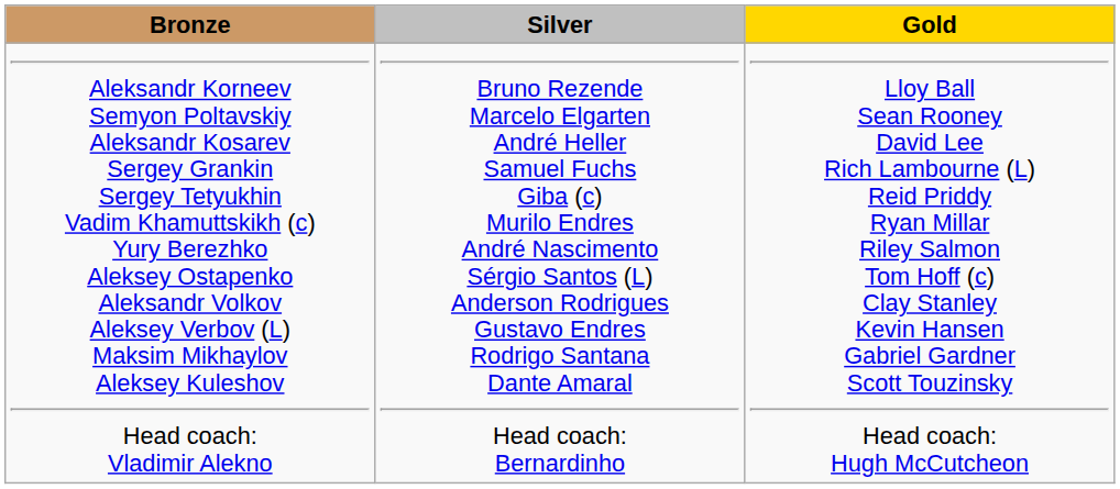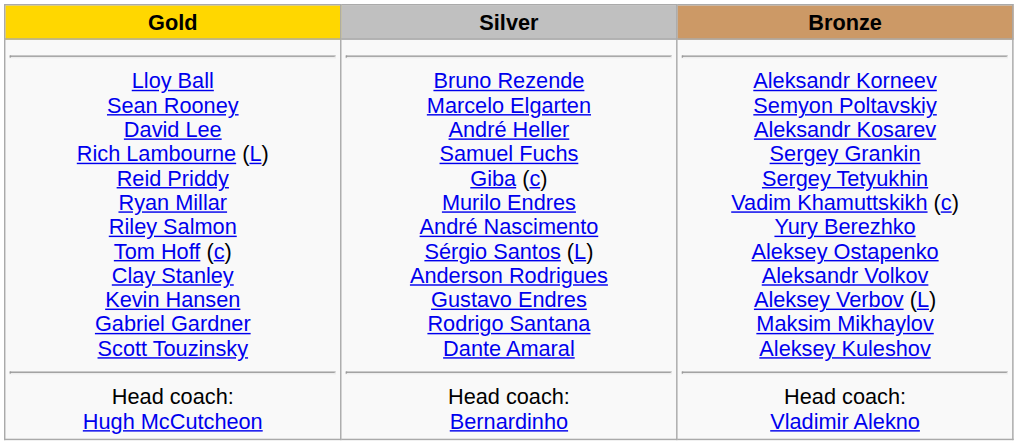 <table class="wikitable" style="text-align:center; font-size:95%;">
 <tr>
+<th style="width:15em; background:gold">Gold</th>
+<th style="width:15em; background:silver">Silver</th>
 <th style="width:15em; background:#cc9966">Bronze</th>
-<th style="width:15em; background:silver">Silver</th>
-<th style="width:15em; background:gold">Gold</th>
 </tr>
 <tr>
+<td><hr><a href='#'>Lloy Ball</a><br><a href='#'>Sean Rooney</a><br><a href='#'>David Lee</a><br><a href='#'>Rich Lambourne</a> (<a href='#'>L</a>)<br><a href='#'>Reid Priddy</a><br><a href='#'>Ryan Millar</a><br><a href='#'>Riley Salmon</a><br><a href='#'>Tom Hoff</a> (<a href='#'>c</a>)<br><a href='#'>Clay Stanley</a><br><a href='#'>Kevin Hansen</a><br><a href='#'>Gabriel Gardner</a><br><a href='#'>Scott Touzinsky</a><br><hr>Head coach:<br><a href='#'>Hugh McCutcheon</a></td>
+<td><hr><a href='#'>Bruno Rezende</a><br><a href='#'>Marcelo Elgarten</a><br><a href='#'>André Heller</a><br><a href='#'>Samuel Fuchs</a><br><a href='#'>Giba</a> (<a href='#'>c</a>)<br><a href='#'>Murilo Endres</a><br><a href='#'>André Nascimento</a><br><a href='#'>Sérgio Santos</a> (<a href='#'>L</a>)<br><a href='#'>Anderson Rodrigues</a><br><a href='#'>Gustavo Endres</a><br><a href='#'>Rodrigo Santana</a><br><a href='#'>Dante Amaral</a><br><hr>Head coach:<br><a href='#'>Bernardinho</a></td>
 <td><hr><a href='#'>Aleksandr Korneev</a><br><a href='#'>Semyon Poltavskiy</a><br><a href='#'>Aleksandr Kosarev</a><br><a href='#'>Sergey Grankin</a><br><a href='#'>Sergey Tetyukhin</a><br><a href='#'>Vadim Khamuttskikh</a> (<a href='#'>c</a>)<br><a href='#'>Yury Berezhko</a><br><a href='#'>Aleksey Ostapenko</a><br><a href='#'>Aleksandr Volkov</a><br><a href='#'>Aleksey Verbov</a> (<a href='#'>L</a>)<br><a href='#'>Maksim Mikhaylov</a><br><a href='#'>Aleksey Kuleshov</a><br><hr>Head coach:<br><a href='#'>Vladimir Alekno</a></td>
-<td><hr><a href='#'>Bruno Rezende</a><br><a href='#'>Marcelo Elgarten</a><br><a href='#'>André Heller</a><br><a href='#'>Samuel Fuchs</a><br><a href='#'>Giba</a> (<a href='#'>c</a>)<br><a href='#'>Murilo Endres</a><br><a href='#'>André Nascimento</a><br><a href='#'>Sérgio Santos</a> (<a href='#'>L</a>)<br><a href='#'>Anderson Rodrigues</a><br><a href='#'>Gustavo Endres</a><br><a href='#'>Rodrigo Santana</a><br><a href='#'>Dante Amaral</a><br><hr>Head coach:<br><a href='#'>Bernardinho</a></td>
-<td><hr><a href='#'>Lloy Ball</a><br><a href='#'>Sean Rooney</a><br><a href='#'>David Lee</a><br><a href='#'>Rich Lambourne</a> (<a href='#'>L</a>)<br><a href='#'>Reid Priddy</a><br><a href='#'>Ryan Millar</a><br><a href='#'>Riley Salmon</a><br><a href='#'>Tom Hoff</a> (<a href='#'>c</a>)<br><a href='#'>Clay Stanley</a><br><a href='#'>Kevin Hansen</a><br><a href='#'>Gabriel Gardner</a><br><a href='#'>Scott Touzinsky</a><br><hr>Head coach:<br><a href='#'>Hugh McCutcheon</a></td>
 </tr>
 </table>
